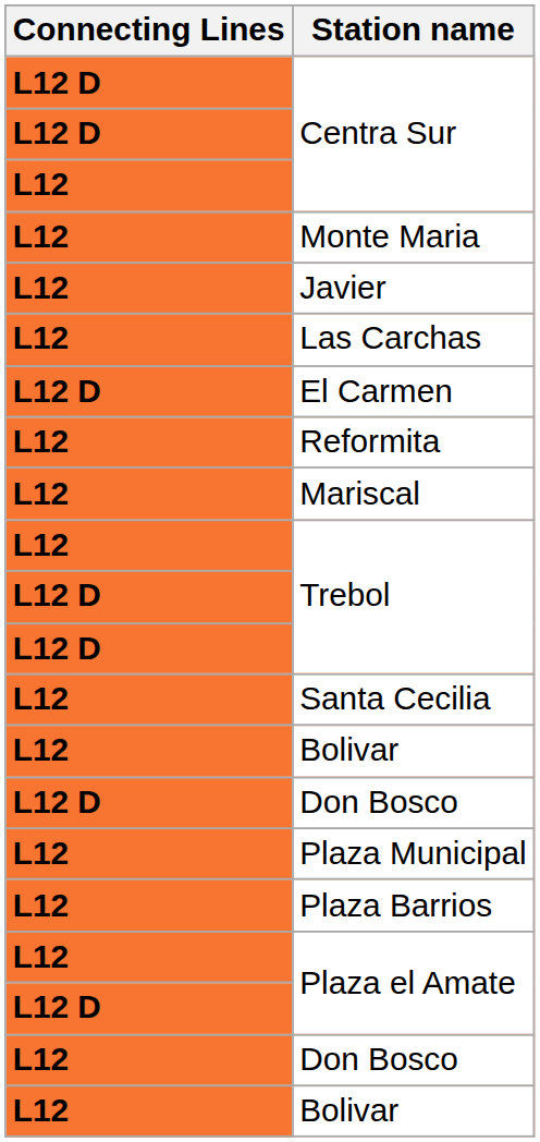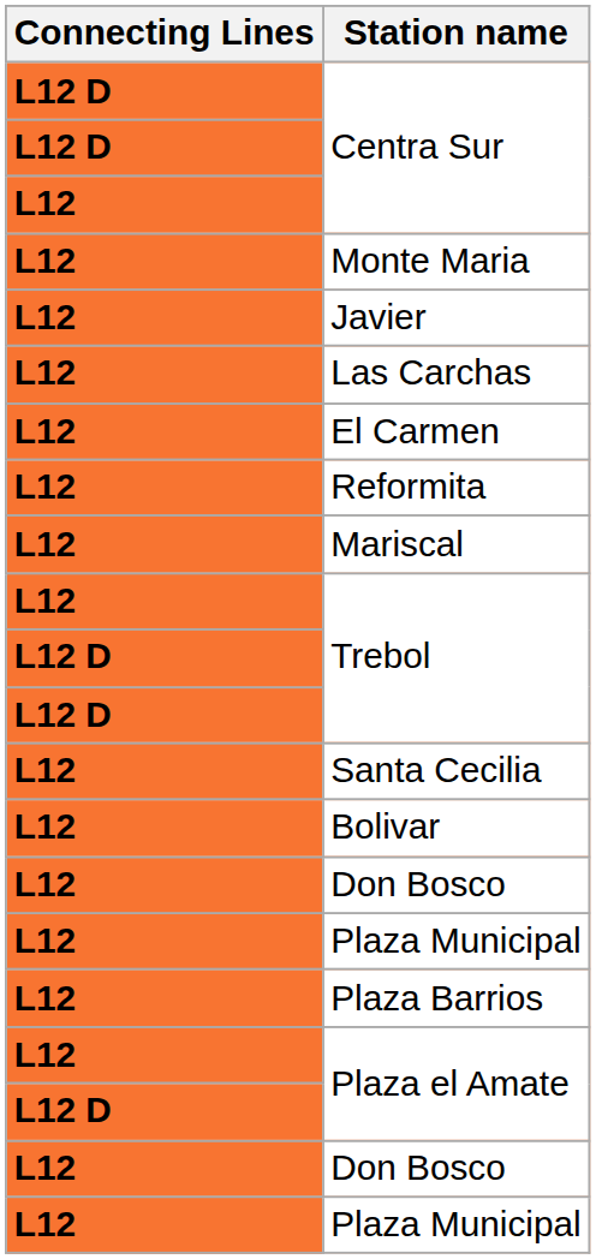 <table class="wikitable">
 <tr>
 <th>Connecting Lines</th>
 <th>Station name</th>
 </tr>
 <tr style="background-color:#F87431;">
 <td><strong>L12 D</strong></td>
 <td rowspan="3" style="color:black; background-color:white;">Centra Sur</td>
 </tr>
 <tr style="background-color:#F87431;">
 <td><strong>L12 D</strong></td>
 </tr>
 <tr style="background-color:#F87431;">
 <td><strong>L12</strong></td>
 </tr>
 <tr style="background-color:#F87431;">
 <td><strong>L12</strong></td>
 <td style="color:black; background-color:white;" rowspan="1">Monte Maria</td>
 </tr>
 <tr style="background-color:#F87431;">
 <td><strong>L12</strong></td>
 <td style="color:black; background-color:white;" rowspan="1">Javier</td>
 </tr>
 <tr style="background-color:#F87431;">
 <td><strong>L12</strong></td>
 <td style="color:black; background-color:white;" rowspan="1">Las Carchas</td>
 </tr>
 <tr style="background-color:#F87431;">
-<td><strong>L12 D</strong></td>
+<td><strong>L12</strong></td>
 <td style="color:black; background-color:white;" rowspan="1">El Carmen</td>
 </tr>
 <tr style="background-color:#F87431;">
 <td><strong>L12</strong></td>
 <td style="color:black; background-color:white;" rowspan="1">Reformita</td>
 </tr>
 <tr style="background-color:#F87431;">
 <td><strong>L12</strong></td>
 <td style="color:black; background-color:white;" rowspan="1">Mariscal</td>
 </tr>
 <tr style="background-color:#F87431;">
 <td><strong>L12</strong></td>
 <td rowspan="3" style="color:black; background-color:white;">Trebol</td>
 </tr>
 <tr style="background-color:#F87431;">
 <td><strong>L12 D</strong></td>
 </tr>
 <tr style="background-color:#F87431;">
 <td><strong>L12 D</strong></td>
 </tr>
 <tr style="background-color:#F87431;">
 <td><strong>L12</strong></td>
 <td style="color:black; background-color:white;">Santa Cecilia</td>
 </tr>
 <tr style="background-color:#F87431;">
 <td><strong>L12</strong></td>
 <td style="color:black; background-color:white;">Bolivar</td>
 </tr>
 <tr style="background-color:#F87431;">
-<td><strong>L12 D</strong></td>
+<td><strong>L12</strong></td>
 <td style="color:black; background-color:white;">Don Bosco</td>
 </tr>
 <tr style="background-color:#F87431;">
 <td><strong>L12</strong></td>
 <td style="color:black; background-color:white;">Plaza Municipal</td>
 </tr>
 <tr style="background-color:#F87431;">
 <td><strong>L12</strong></td>
 <td style="color:black; background-color:white;">Plaza Barrios</td>
 </tr>
 <tr style="background-color:#F87431;">
 <td><strong>L12</strong></td>
 <td rowspan="2" style="color:black; background-color:white;">Plaza el Amate</td>
 </tr>
 <tr style="background-color:#F87431;">
 <td><strong>L12 D</strong></td>
 </tr>
 <tr style="background-color:#F87431;">
 <td><strong>L12</strong></td>
 <td rowspan="1" style="color:black; background-color:white;">Don Bosco</td>
 </tr>
 <tr style="background-color:#F87431;">
 <td><strong>L12</strong></td>
-<td rowspan="1" style="color:black; background-color:white;">Bolivar</td>
+<td style="color:black; background-color:white;">Plaza Municipal</td>
 </tr>
 </table>
